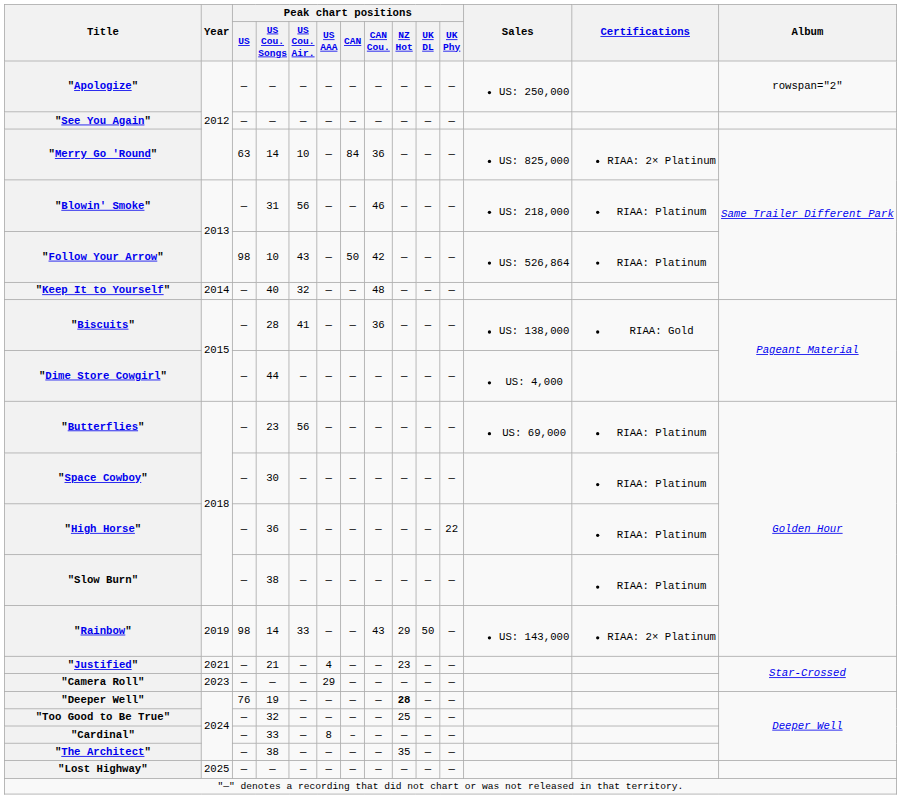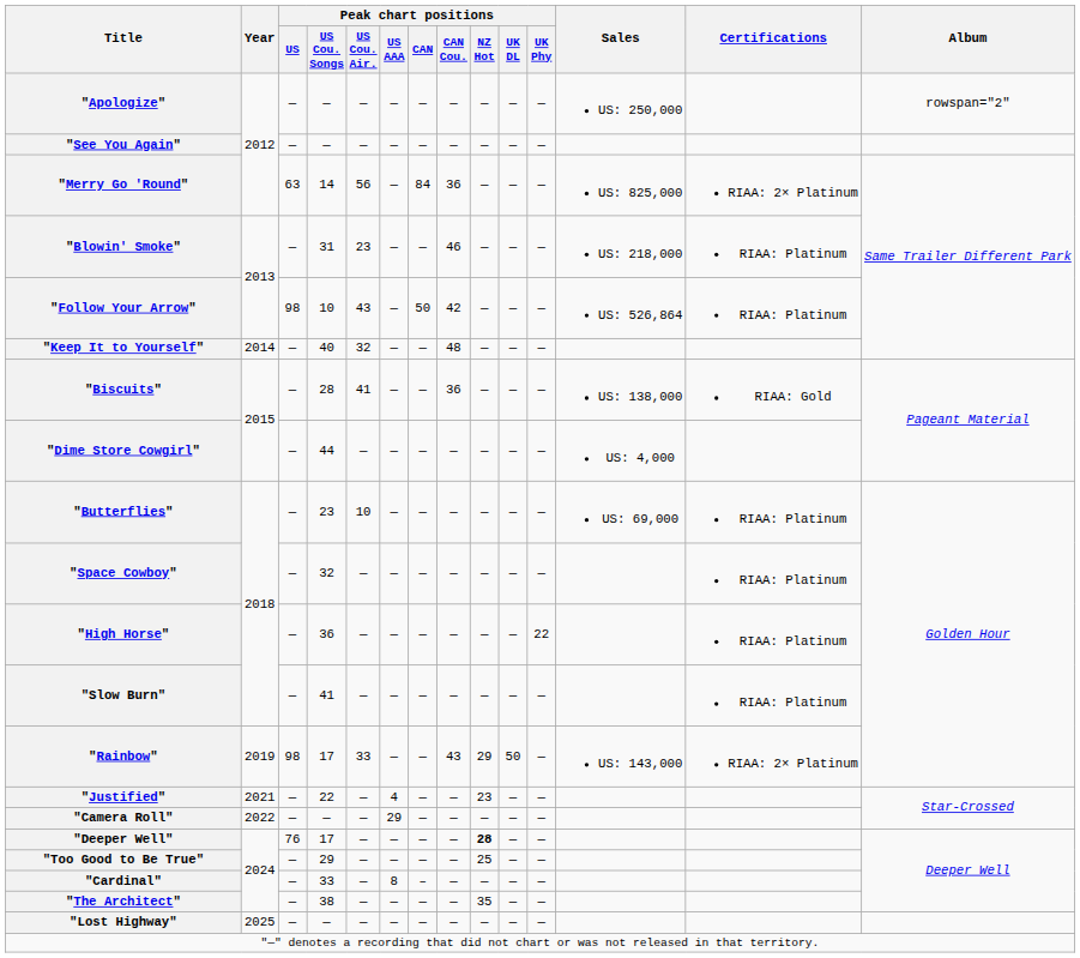 <table class="wikitable plainrowheaders" style="text-align:center;" border="1">
 <tr>
 <th scope="col" rowspan="2" style="width:18em;">Title</th>
 <th scope="col" rowspan="2">Year</th>
 <th scope="col" colspan="9">Peak chart positions</th>
 <th scope="col" rowspan="2">Sales</th>
 <th scope="col" rowspan="2"><a href='#'>Certifications</a></th>
 <th scope="col" rowspan="2">Album</th>
 </tr>
 <tr>
 <th scope="col" style="width:2em;font-size:90%;"><a href='#'>US</a><br></th>
 <th scope="col" style="width:2em;font-size:90%;"><a href='#'>US<br>Cou.<br>Songs</a><br></th>
 <th scope="col" style="width:2em;font-size:90%;"><a href='#'>US<br>Cou.<br>Air.</a><br></th>
 <th scope="col" style="width:2em;font-size:90%;"><a href='#'>US<br>AAA</a><br></th>
 <th scope="col" style="width:2em;font-size:90%;"><a href='#'>CAN</a><br></th>
 <th scope="col" style="width:2em;font-size:90%;"><a href='#'>CAN<br>Cou.</a><br></th>
 <th scope="col" style="width:2em;font-size:90%;"><a href='#'>NZ<br>Hot</a><br></th>
 <th scope="col" style="width:2em;font-size:90%;"><a href='#'>UK<br>DL</a><br></th>
 <th scope="col" style="width:2em;font-size:90%;"><a href='#'>UK<br>Phy</a><br></th>
 </tr>
 <tr>
 <th scope="row">"<a href='#'>Apologize</a>"</th>
 <td rowspan="3">2012</td>
 <td>—</td>
 <td>—</td>
 <td>—</td>
 <td>—</td>
 <td>—</td>
 <td>—</td>
 <td>—</td>
 <td>—</td>
 <td>—</td>
 <td><br><ul><li>US: 250,000</li></ul></td>
 <td></td>
 <td>rowspan="2" </td>
 </tr>
 <tr>
 <th scope="row">"<a href='#'>See You Again</a>"</th>
 <td>—</td>
 <td>—</td>
 <td>—</td>
 <td>—</td>
 <td>—</td>
 <td>—</td>
 <td>—</td>
 <td>—</td>
 <td>—</td>
 <td></td>
 <td></td>
 </tr>
 <tr>
 <th scope="row">"<a href='#'>Merry Go 'Round</a>"</th>
 <td>63</td>
 <td>14</td>
-<td>10</td>
+<td>56</td>
 <td>—</td>
 <td>84</td>
 <td>36</td>
 <td>—</td>
 <td>—</td>
 <td>—</td>
 <td><br><ul><li>US: 825,000</li></ul></td>
 <td><br><ul><li>RIAA: 2× Platinum</li></ul></td>
 <td rowspan="4"><em><a href='#'>Same Trailer Different Park</a></em></td>
 </tr>
 <tr>
 <th scope="row">"<a href='#'>Blowin' Smoke</a>"</th>
 <td rowspan="2">2013</td>
 <td>—</td>
 <td>31</td>
-<td>56</td>
+<td>23</td>
 <td>—</td>
 <td>—</td>
 <td>46</td>
 <td>—</td>
 <td>—</td>
 <td>—</td>
 <td><br><ul><li>US: 218,000</li></ul></td>
 <td><br><ul><li>RIAA: Platinum</li></ul></td>
 </tr>
 <tr>
 <th scope="row">"<a href='#'>Follow Your Arrow</a>"</th>
 <td>98</td>
 <td>10</td>
 <td>43</td>
 <td>—</td>
 <td>50</td>
 <td>42</td>
 <td>—</td>
 <td>—</td>
 <td>—</td>
 <td><br><ul><li>US: 526,864</li></ul></td>
 <td><br><ul><li>RIAA: Platinum</li></ul></td>
 </tr>
 <tr>
 <th scope="row">"<a href='#'>Keep It to Yourself</a>"</th>
 <td>2014</td>
 <td>—</td>
 <td>40</td>
 <td>32</td>
 <td>—</td>
 <td>—</td>
 <td>48</td>
 <td>—</td>
 <td>—</td>
 <td>—</td>
 <td></td>
 <td></td>
 </tr>
 <tr>
 <th scope="row">"<a href='#'>Biscuits</a>"</th>
 <td rowspan="2">2015</td>
 <td>—</td>
 <td>28</td>
 <td>41</td>
 <td>—</td>
 <td>—</td>
 <td>36</td>
 <td>—</td>
 <td>—</td>
 <td>—</td>
 <td><br><ul><li>US: 138,000</li></ul></td>
 <td><br><ul><li>RIAA: Gold</li></ul></td>
 <td rowspan="2"><em><a href='#'>Pageant Material</a></em></td>
 </tr>
 <tr>
 <th scope="row">"<a href='#'>Dime Store Cowgirl</a>"</th>
 <td>—</td>
 <td>44</td>
 <td>—</td>
 <td>—</td>
 <td>—</td>
 <td>—</td>
 <td>—</td>
 <td>—</td>
 <td>—</td>
 <td><br><ul><li>US: 4,000</li></ul></td>
 <td></td>
 </tr>
 <tr>
 <th scope="row">"<a href='#'>Butterflies</a>"</th>
 <td rowspan="4">2018</td>
 <td>—</td>
 <td>23</td>
-<td>56</td>
+<td>10</td>
 <td>—</td>
 <td>—</td>
 <td>—</td>
 <td>—</td>
 <td>—</td>
 <td>—</td>
 <td><br><ul><li>US: 69,000</li></ul></td>
 <td><br><ul><li>RIAA: Platinum</li></ul></td>
 <td rowspan="5"><em><a href='#'>Golden Hour</a></em></td>
 </tr>
 <tr>
 <th scope="row">"<a href='#'>Space Cowboy</a>"</th>
 <td>—</td>
-<td>30</td>
+<td>32</td>
 <td>—</td>
 <td>—</td>
 <td>—</td>
 <td>—</td>
 <td>—</td>
 <td>—</td>
 <td>—</td>
 <td></td>
 <td><br><ul><li>RIAA: Platinum</li></ul></td>
 </tr>
 <tr>
 <th scope="row">"<a href='#'>High Horse</a>"</th>
 <td>—</td>
 <td>36</td>
 <td>—</td>
 <td>—</td>
 <td>—</td>
 <td>—</td>
 <td>—</td>
 <td>—</td>
 <td>22</td>
 <td></td>
 <td><br><ul><li>RIAA: Platinum</li></ul></td>
 </tr>
 <tr>
 <th scope="row">"Slow Burn"</th>
 <td>—</td>
-<td>38</td>
+<td>41</td>
 <td>—</td>
 <td>—</td>
 <td>—</td>
 <td>—</td>
 <td>—</td>
 <td>—</td>
 <td>—</td>
 <td></td>
 <td><br><ul><li>RIAA: Platinum</li></ul></td>
 </tr>
 <tr>
 <th scope="row">"<a href='#'>Rainbow</a>"</th>
 <td>2019</td>
 <td>98</td>
-<td>14</td>
+<td>17</td>
 <td>33</td>
 <td>—</td>
 <td>—</td>
 <td>43</td>
 <td>29</td>
 <td>50</td>
 <td>—</td>
 <td><br><ul><li>US: 143,000</li></ul></td>
 <td><br><ul><li>RIAA: 2× Platinum</li></ul></td>
 </tr>
 <tr>
 <th scope="row">"<a href='#'>Justified</a>"</th>
 <td>2021</td>
 <td>—</td>
-<td>21</td>
+<td>22</td>
 <td>—</td>
 <td>4</td>
 <td>—</td>
 <td>—</td>
 <td>23</td>
 <td>—</td>
 <td>—</td>
 <td></td>
 <td></td>
 <td rowspan="2"><em><a href='#'>Star-Crossed</a></em></td>
 </tr>
 <tr>
 <th scope="row">"Camera Roll"</th>
-<td>2023</td>
+<td>2022</td>
 <td>—</td>
 <td>—</td>
 <td>—</td>
 <td>29</td>
 <td>—</td>
 <td>—</td>
 <td>—</td>
 <td>—</td>
 <td>—</td>
 <td></td>
 <td></td>
 </tr>
 <tr>
 <th scope="row">"Deeper Well"</th>
 <td rowspan="4">2024</td>
 <td>76</td>
-<td>19</td>
+<td>17</td>
 <td>—</td>
 <td>—</td>
 <td>—</td>
 <td>—</td>
 <td><strong>28</strong></td>
 <td>—</td>
 <td>—</td>
 <td></td>
 <td></td>
 <td rowspan="4"><em><a href='#'>Deeper Well</a></em></td>
 </tr>
 <tr>
 <th scope="row">"Too Good to Be True"</th>
 <td>—</td>
-<td>32</td>
+<td>29</td>
 <td>—</td>
 <td>—</td>
 <td>—</td>
 <td>—</td>
 <td>25</td>
 <td>—</td>
 <td>—</td>
 <td></td>
 <td></td>
 </tr>
 <tr>
 <th scope="row">"Cardinal"</th>
 <td>—</td>
 <td>33</td>
 <td>—</td>
 <td>8</td>
 <td>–</td>
 <td>—</td>
 <td>—</td>
 <td>—</td>
 <td>—</td>
 <td></td>
 <td></td>
 </tr>
 <tr>
 <th scope="row">"<a href='#'>The Architect</a>"</th>
 <td>—</td>
 <td>38</td>
 <td>—</td>
 <td>—</td>
 <td>—</td>
 <td>—</td>
 <td>35</td>
 <td>—</td>
 <td>—</td>
 <td></td>
 <td></td>
 </tr>
 <tr>
 <th scope="row">"Lost Highway"</th>
 <td>2025</td>
 <td>—</td>
 <td>—</td>
 <td>—</td>
 <td>—</td>
 <td>—</td>
 <td>—</td>
 <td>—</td>
 <td>—</td>
 <td>—</td>
 <td></td>
 <td></td>
 </tr>
 <tr>
 <td colspan="14" style="font-size:90%">"—" denotes a recording that did not chart or was not released in that territory.</td>
 </tr>
 </table>
